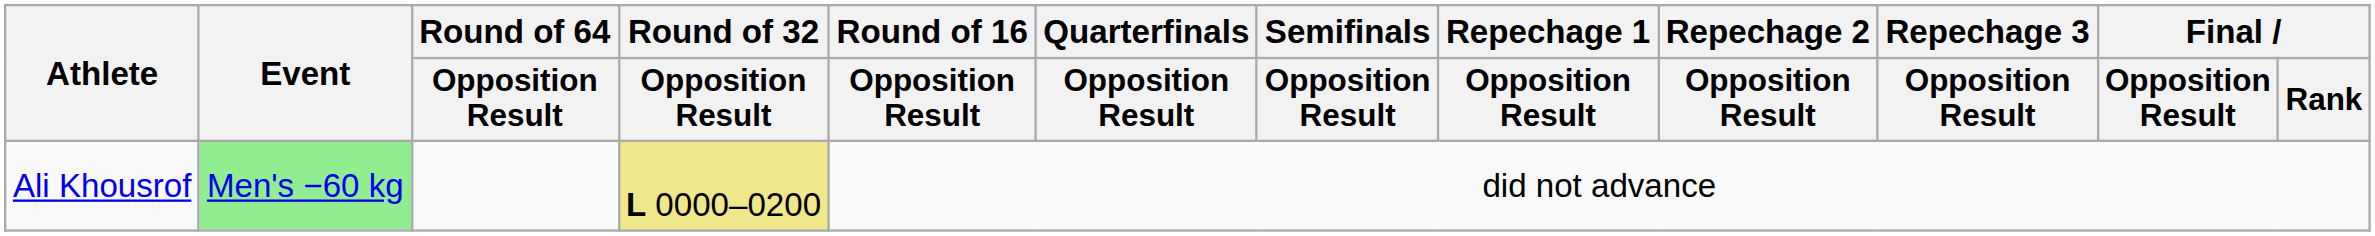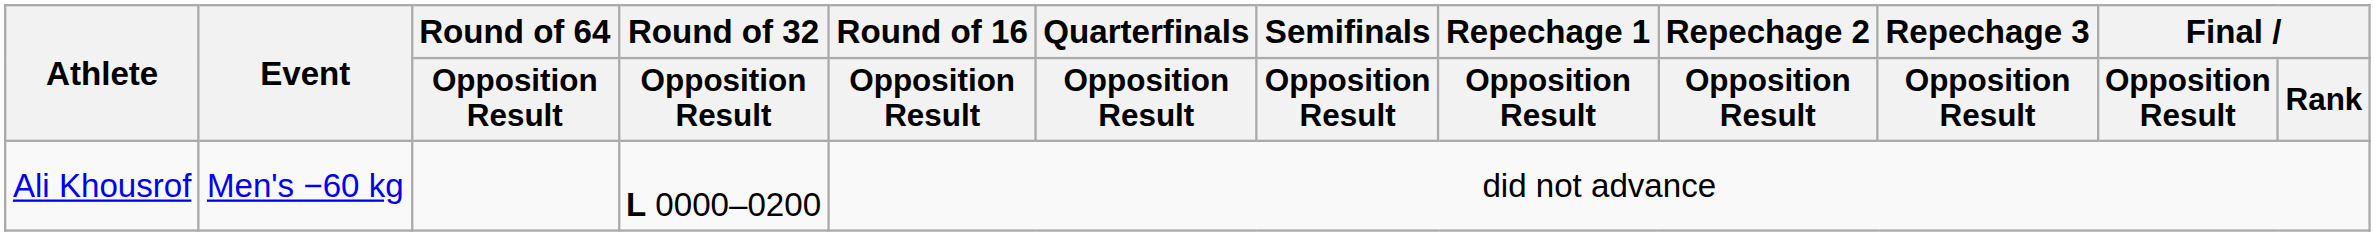 <table class="wikitable" style="font-size:90%">
 <tr>
 <th rowspan="2">Athlete</th>
 <th rowspan="2">Event</th>
 <th>Round of 64</th>
 <th>Round of 32</th>
 <th>Round of 16</th>
 <th>Quarterfinals</th>
 <th>Semifinals</th>
 <th>Repechage 1</th>
 <th>Repechage 2</th>
 <th>Repechage 3</th>
 <th colspan=2>Final / </th>
 </tr>
 <tr style="font-size:95%">
 <th>Opposition<br>Result</th>
 <th>Opposition<br>Result</th>
 <th>Opposition<br>Result</th>
 <th>Opposition<br>Result</th>
 <th>Opposition<br>Result</th>
 <th>Opposition<br>Result</th>
 <th>Opposition<br>Result</th>
 <th>Opposition<br>Result</th>
 <th>Opposition<br>Result</th>
 <th>Rank</th>
 </tr>
 <tr align=center>
 <td align=left><a href='#'>Ali Khousrof</a></td>
-<td align=left style="background: lightgreen;"><a href='#'>Men's −60 kg</a></td>
+<td align=left><a href='#'>Men's −60 kg</a></td>
 <td></td>
-<td style="background: khaki;"><br><strong>L</strong> 0000–0200</td>
+<td><br><strong>L</strong> 0000–0200</td>
 <td colspan=8>did not advance</td>
 </tr>
 </table>
